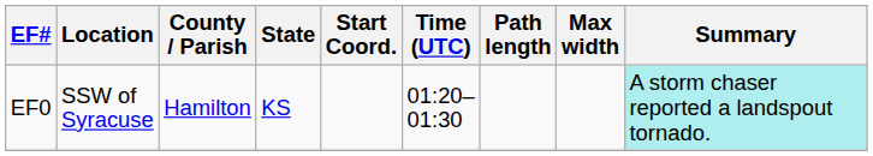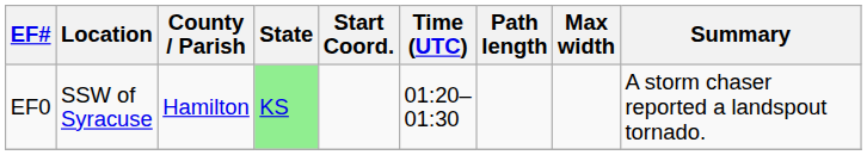 <table class="wikitable sortable" style="width:100%;">
 <tr>
 <th scope="col"  style="width:3%; text-align:center;"><a href='#'>EF#</a></th>
 <th scope="col"  style="width:7%; text-align:center;" class="unsortable">Location</th>
 <th scope="col"  style="width:6%; text-align:center;" class="unsortable">County / Parish</th>
 <th scope="col"  style="width:5%; text-align:center;">State</th>
 <th scope="col"  style="width:6%; text-align:center;">Start Coord.</th>
 <th scope="col"  style="width:6%; text-align:center;">Time (<a href='#'>UTC</a>)</th>
 <th scope="col"  style="width:6%; text-align:center;">Path length</th>
 <th scope="col"  style="width:6%; text-align:center;">Max width</th>
 <th scope="col" class="unsortable" style="width:48%; text-align:center;">Summary</th>
 </tr>
 <tr>
 <td bgcolor=>EF0</td>
 <td>SSW of <a href='#'>Syracuse</a></td>
 <td><a href='#'>Hamilton</a></td>
-<td><a href='#'>KS</a></td>
+<td style="background: lightgreen;"><a href='#'>KS</a></td>
 <td></td>
 <td>01:20–01:30</td>
 <td></td>
 <td></td>
-<td style="background: paleturquoise;">A storm chaser reported a landspout tornado.</td>
+<td>A storm chaser reported a landspout tornado.</td>
 </tr>
 <tr>
 </tr>
 </table>
